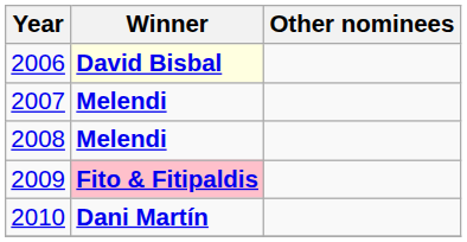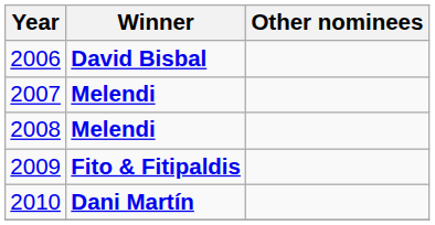 <table class="wikitable">
 <tr>
 <th>Year</th>
 <th>Winner</th>
 <th>Other nominees</th>
 </tr>
 <tr>
 <td><a href='#'>2006</a></td>
-<td style="background: lightyellow;"><strong><a href='#'>David Bisbal</a></strong></td>
+<td><strong><a href='#'>David Bisbal</a></strong></td>
 <td></td>
 </tr>
 <tr>
 <td><a href='#'>2007</a></td>
 <td><strong><a href='#'>Melendi</a></strong></td>
 <td></td>
 </tr>
 <tr>
 <td><a href='#'>2008</a></td>
 <td><strong><a href='#'>Melendi</a></strong></td>
 <td></td>
 </tr>
 <tr>
 <td><a href='#'>2009</a></td>
-<td style="background: pink;"><strong><a href='#'>Fito & Fitipaldis</a></strong></td>
+<td><strong><a href='#'>Fito & Fitipaldis</a></strong></td>
 <td></td>
 </tr>
 <tr>
 <td><a href='#'>2010</a></td>
 <td><strong><a href='#'>Dani Martín</a></strong></td>
 <td></td>
 </tr>
 <tr>
 </tr>
 </table>
